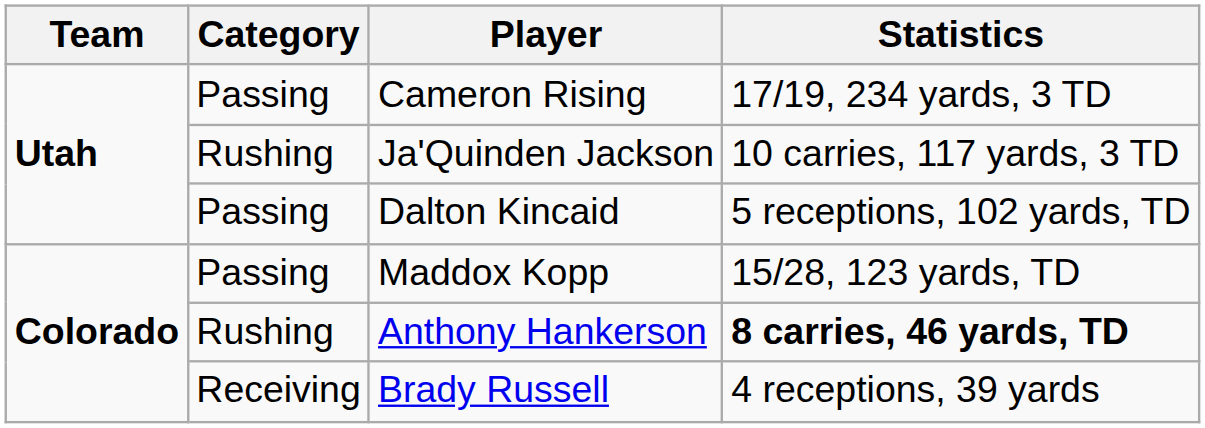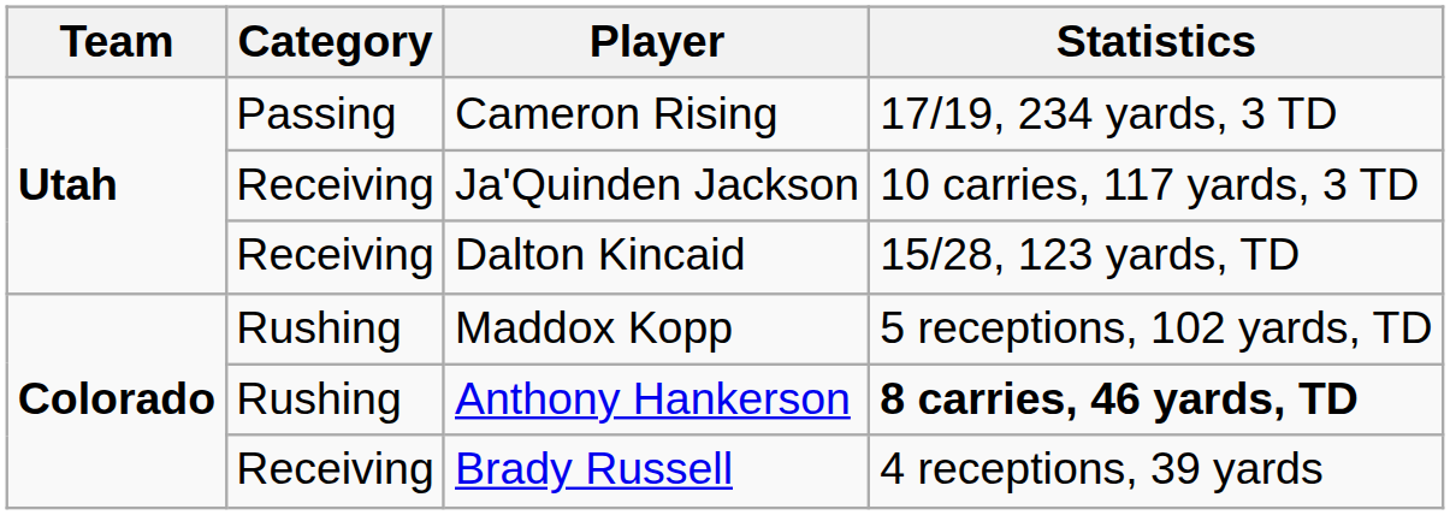 <table class="wikitable" style="float: right;">
 <tr>
 <th>Team</th>
 <th>Category</th>
 <th>Player</th>
 <th>Statistics</th>
 </tr>
 <tr>
 <td rowspan=3><strong>Utah</strong></td>
 <td>Passing</td>
 <td>Cameron Rising</td>
 <td>17/19, 234 yards, 3 TD</td>
 </tr>
 <tr>
-<td>Rushing</td>
+<td>Receiving</td>
 <td>Ja'Quinden Jackson</td>
 <td>10 carries, 117 yards, 3 TD</td>
 </tr>
 <tr>
-<td>Passing</td>
+<td>Receiving</td>
 <td>Dalton Kincaid</td>
-<td>5 receptions, 102 yards, TD</td>
+<td>15/28, 123 yards, TD</td>
 </tr>
 <tr>
 <td rowspan=3><strong>Colorado</strong></td>
-<td>Passing</td>
+<td>Rushing</td>
 <td>Maddox Kopp</td>
-<td>15/28, 123 yards, TD</td>
+<td>5 receptions, 102 yards, TD</td>
 </tr>
 <tr>
 <td>Rushing</td>
 <td><a href='#'>Anthony Hankerson</a></td>
 <td><strong>8 carries, 46 yards, TD</strong></td>
 </tr>
 <tr>
 <td>Receiving</td>
 <td><a href='#'>Brady Russell</a></td>
 <td>4 receptions, 39 yards</td>
 </tr>
 </table>
